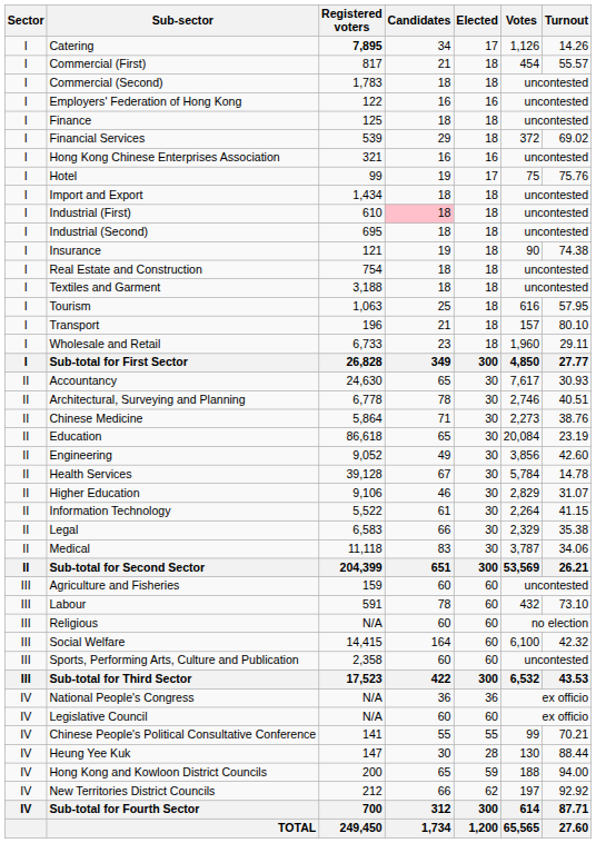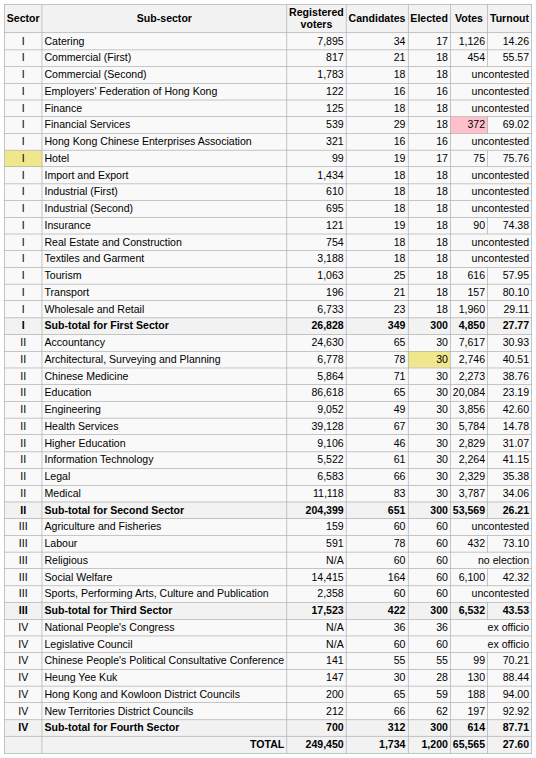 <table class="wikitable" style="text-align:right;">
 <tr>
 <th>Sector</th>
 <th>Sub-sector</th>
 <th>Registered<br>voters</th>
 <th>Candidates</th>
 <th>Elected</th>
 <th>Votes</th>
 <th>Turnout</th>
 </tr>
 <tr>
 <td align=center>I</td>
 <td align=left>Catering</td>
-<td><strong>7,895</strong></td>
+<td>7,895</td>
 <td>34</td>
 <td>17</td>
 <td>1,126</td>
 <td>14.26</td>
 </tr>
 <tr>
 <td align=center>I</td>
 <td align=left>Commercial (First)</td>
 <td>817</td>
 <td>21</td>
 <td>18</td>
 <td>454</td>
 <td>55.57</td>
 </tr>
 <tr>
 <td align=center>I</td>
 <td align=left>Commercial (Second)</td>
 <td>1,783</td>
 <td>18</td>
 <td>18</td>
 <td colspan=2>uncontested</td>
 </tr>
 <tr>
 <td align=center>I</td>
 <td align=left>Employers' Federation of Hong Kong</td>
 <td>122</td>
 <td>16</td>
 <td>16</td>
 <td colspan=2>uncontested</td>
 </tr>
 <tr>
 <td align=center>I</td>
 <td align=left>Finance</td>
 <td>125</td>
 <td>18</td>
 <td>18</td>
 <td colspan=2>uncontested</td>
 </tr>
 <tr>
 <td align=center>I</td>
 <td align=left>Financial Services</td>
 <td>539</td>
 <td>29</td>
 <td>18</td>
-<td>372</td>
+<td style="background: pink;">372</td>
 <td>69.02</td>
 </tr>
 <tr>
 <td align=center>I</td>
 <td align=left>Hong Kong Chinese Enterprises Association</td>
 <td>321</td>
 <td>16</td>
 <td>16</td>
 <td colspan=2>uncontested</td>
 </tr>
 <tr>
-<td align=center>I</td>
+<td align=center style="background: khaki;">I</td>
 <td align=left>Hotel</td>
 <td>99</td>
 <td>19</td>
 <td>17</td>
 <td>75</td>
 <td>75.76</td>
 </tr>
 <tr>
 <td align=center>I</td>
 <td align=left>Import and Export</td>
 <td>1,434</td>
 <td>18</td>
 <td>18</td>
 <td colspan=2>uncontested</td>
 </tr>
 <tr>
 <td align=center>I</td>
 <td align=left>Industrial (First)</td>
 <td>610</td>
-<td style="background: pink;">18</td>
+<td>18</td>
 <td>18</td>
 <td colspan=2>uncontested</td>
 </tr>
 <tr>
 <td align=center>I</td>
 <td align=left>Industrial (Second)</td>
 <td>695</td>
 <td>18</td>
 <td>18</td>
 <td colspan=2>uncontested</td>
 </tr>
 <tr>
 <td align=center>I</td>
 <td align=left>Insurance</td>
 <td>121</td>
 <td>19</td>
 <td>18</td>
 <td>90</td>
 <td>74.38</td>
 </tr>
 <tr>
 <td align=center>I</td>
 <td align=left>Real Estate and Construction</td>
 <td>754</td>
 <td>18</td>
 <td>18</td>
 <td colspan=2>uncontested</td>
 </tr>
 <tr>
 <td align=center>I</td>
 <td align=left>Textiles and Garment</td>
 <td>3,188</td>
 <td>18</td>
 <td>18</td>
 <td colspan=2>uncontested</td>
 </tr>
 <tr>
 <td align=center>I</td>
 <td align=left>Tourism</td>
 <td>1,063</td>
 <td>25</td>
 <td>18</td>
 <td>616</td>
 <td>57.95</td>
 </tr>
 <tr>
 <td align=center>I</td>
 <td align=left>Transport</td>
 <td>196</td>
 <td>21</td>
 <td>18</td>
 <td>157</td>
 <td>80.10</td>
 </tr>
 <tr>
 <td align=center>I</td>
 <td align=left>Wholesale and Retail</td>
 <td>6,733</td>
 <td>23</td>
 <td>18</td>
 <td>1,960</td>
 <td>29.11</td>
 </tr>
 <tr bgcolor="F2F2F2">
 <td align=center><strong>I</strong></td>
 <td align=left><strong>Sub-total for First Sector</strong></td>
 <td><strong>26,828</strong></td>
 <td><strong>349</strong></td>
 <td><strong>300</strong></td>
 <td><strong>4,850</strong></td>
 <td><strong>27.77</strong></td>
 </tr>
 <tr>
 <td align=center>II</td>
 <td align=left>Accountancy</td>
 <td>24,630</td>
 <td>65</td>
 <td>30</td>
 <td>7,617</td>
 <td>30.93</td>
 </tr>
 <tr>
 <td align=center>II</td>
 <td align=left>Architectural, Surveying and Planning</td>
 <td>6,778</td>
 <td>78</td>
-<td>30</td>
+<td style="background: khaki;">30</td>
 <td>2,746</td>
 <td>40.51</td>
 </tr>
 <tr>
 <td align=center>II</td>
 <td align=left>Chinese Medicine</td>
 <td>5,864</td>
 <td>71</td>
 <td>30</td>
 <td>2,273</td>
 <td>38.76</td>
 </tr>
 <tr>
 <td align=center>II</td>
 <td align=left>Education</td>
 <td>86,618</td>
 <td>65</td>
 <td>30</td>
 <td>20,084</td>
 <td>23.19</td>
 </tr>
 <tr>
 <td align=center>II</td>
 <td align=left>Engineering</td>
 <td>9,052</td>
 <td>49</td>
 <td>30</td>
 <td>3,856</td>
 <td>42.60</td>
 </tr>
 <tr>
 <td align=center>II</td>
 <td align=left>Health Services</td>
 <td>39,128</td>
 <td>67</td>
 <td>30</td>
 <td>5,784</td>
 <td>14.78</td>
 </tr>
 <tr>
 <td align=center>II</td>
 <td align=left>Higher Education</td>
 <td>9,106</td>
 <td>46</td>
 <td>30</td>
 <td>2,829</td>
 <td>31.07</td>
 </tr>
 <tr>
 <td align=center>II</td>
 <td align=left>Information Technology</td>
 <td>5,522</td>
 <td>61</td>
 <td>30</td>
 <td>2,264</td>
 <td>41.15</td>
 </tr>
 <tr>
 <td align=center>II</td>
 <td align=left>Legal</td>
 <td>6,583</td>
 <td>66</td>
 <td>30</td>
 <td>2,329</td>
 <td>35.38</td>
 </tr>
 <tr>
 <td align=center>II</td>
 <td align=left>Medical</td>
 <td>11,118</td>
 <td>83</td>
 <td>30</td>
 <td>3,787</td>
 <td>34.06</td>
 </tr>
 <tr bgcolor="F2F2F2">
 <td align=center><strong>II</strong></td>
 <td align=left><strong>Sub-total for Second Sector</strong></td>
 <td><strong>204,399</strong></td>
 <td><strong>651</strong></td>
 <td><strong>300</strong></td>
 <td><strong>53,569</strong></td>
 <td><strong>26.21</strong></td>
 </tr>
 <tr>
 <td align=center>III</td>
 <td align=left>Agriculture and Fisheries</td>
 <td>159</td>
 <td>60</td>
 <td>60</td>
 <td colspan=2>uncontested</td>
 </tr>
 <tr>
 <td align=center>III</td>
 <td align=left>Labour</td>
 <td>591</td>
 <td>78</td>
 <td>60</td>
 <td>432</td>
 <td>73.10</td>
 </tr>
 <tr>
 <td align=center>III</td>
 <td align=left>Religious</td>
 <td>N/A</td>
 <td>60</td>
 <td>60</td>
 <td colspan=2>no election</td>
 </tr>
 <tr>
 <td align=center>III</td>
 <td align=left>Social Welfare</td>
 <td>14,415</td>
 <td>164</td>
 <td>60</td>
 <td>6,100</td>
 <td>42.32</td>
 </tr>
 <tr>
 <td align=center>III</td>
 <td align=left>Sports, Performing Arts, Culture and Publication</td>
 <td>2,358</td>
 <td>60</td>
 <td>60</td>
 <td colspan=2>uncontested</td>
 </tr>
 <tr bgcolor="F2F2F2">
 <td align=center><strong>III</strong></td>
 <td align=left><strong>Sub-total for Third Sector</strong></td>
 <td><strong>17,523</strong></td>
 <td><strong>422</strong></td>
 <td><strong>300</strong></td>
 <td><strong>6,532</strong></td>
 <td><strong>43.53</strong></td>
 </tr>
 <tr>
 <td align=center>IV</td>
 <td align=left>National People's Congress</td>
 <td>N/A</td>
 <td>36</td>
 <td>36</td>
 <td colspan=2>ex officio</td>
 </tr>
 <tr>
 <td align=center>IV</td>
 <td align=left>Legislative Council</td>
 <td>N/A</td>
 <td>60</td>
 <td>60</td>
 <td colspan=2>ex officio</td>
 </tr>
 <tr>
 <td align=center>IV</td>
 <td align=left>Chinese People's Political Consultative Conference</td>
 <td>141</td>
 <td>55</td>
 <td>55</td>
 <td>99</td>
 <td>70.21</td>
 </tr>
 <tr>
 <td align=center>IV</td>
 <td align=left>Heung Yee Kuk</td>
 <td>147</td>
 <td>30</td>
 <td>28</td>
 <td>130</td>
 <td>88.44</td>
 </tr>
 <tr>
 <td align=center>IV</td>
 <td align=left>Hong Kong and Kowloon District Councils</td>
 <td>200</td>
 <td>65</td>
 <td>59</td>
 <td>188</td>
 <td>94.00</td>
 </tr>
 <tr>
 <td align=center>IV</td>
 <td align=left>New Territories District Councils</td>
 <td>212</td>
 <td>66</td>
 <td>62</td>
 <td>197</td>
 <td>92.92</td>
 </tr>
 <tr bgcolor="F2F2F2">
 <td align=center><strong>IV</strong></td>
 <td align=left><strong>Sub-total for Fourth Sector</strong></td>
 <td><strong>700</strong></td>
 <td><strong>312</strong></td>
 <td><strong>300</strong></td>
 <td><strong>614</strong></td>
 <td><strong>87.71</strong></td>
 </tr>
 <tr bgcolor="F2F2F2">
 <td></td>
 <td><strong>TOTAL</strong></td>
 <td><strong>249,450</strong></td>
 <td><strong>1,734</strong></td>
 <td><strong>1,200</strong></td>
 <td><strong>65,565</strong></td>
 <td><strong>27.60</strong></td>
 </tr>
 </table>
